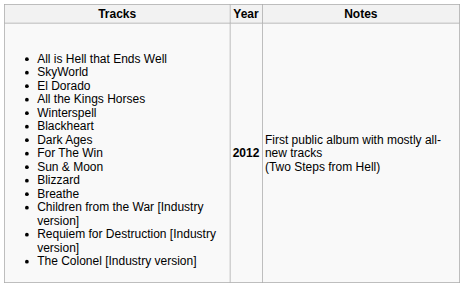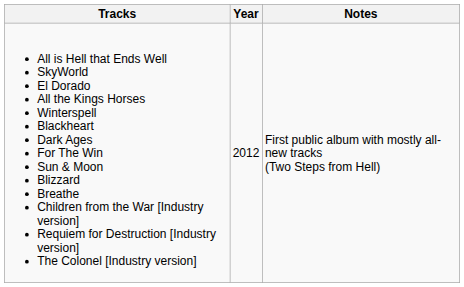 <table class="wikitable sortable">
 <tr>
 <th>Tracks</th>
 <th>Year</th>
 <th>Notes</th>
 </tr>
 <tr>
 <td><br><ul><li>All is Hell that Ends Well</li><li>SkyWorld</li><li>El Dorado</li><li>All the Kings Horses</li><li>Winterspell</li><li>Blackheart</li><li>Dark Ages</li><li>For The Win</li><li>Sun & Moon</li><li>Blizzard</li><li>Breathe</li><li>Children from the War [Industry version]</li><li>Requiem for Destruction [Industry version]</li><li>The Colonel [Industry version]</li></ul></td>
-<td><strong>2012</strong></td>
+<td>2012</td>
 <td>First public album with mostly all-new tracks<br>(Two Steps from Hell)</td>
 </tr>
 </table>
